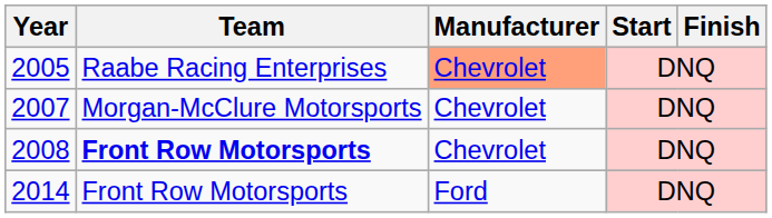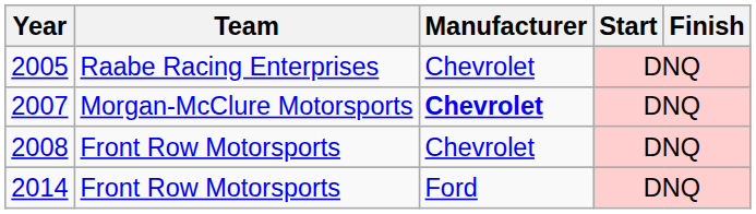 <table class="wikitable" style="font-size: 90%;">
 <tr>
 <th>Year</th>
 <th>Team</th>
 <th>Manufacturer</th>
 <th>Start</th>
 <th>Finish</th>
 </tr>
 <tr>
 <td><a href='#'>2005</a></td>
 <td><a href='#'>Raabe Racing Enterprises</a></td>
-<td style="background: lightsalmon;"><a href='#'>Chevrolet</a></td>
+<td><a href='#'>Chevrolet</a></td>
 <td align=center colspan=2 style="background:#FFCFCF;">DNQ</td>
 </tr>
 <tr>
 <td><a href='#'>2007</a></td>
 <td><a href='#'>Morgan-McClure Motorsports</a></td>
-<td><a href='#'>Chevrolet</a></td>
+<td><strong><a href='#'>Chevrolet</a></strong></td>
 <td align=center colspan=2 style="background:#FFCFCF;">DNQ</td>
 </tr>
 <tr>
 <td><a href='#'>2008</a></td>
-<td><strong><a href='#'>Front Row Motorsports</a></strong></td>
+<td><a href='#'>Front Row Motorsports</a></td>
 <td><a href='#'>Chevrolet</a></td>
 <td align=center colspan=2 style="background:#FFCFCF;">DNQ</td>
 </tr>
 <tr>
 <td><a href='#'>2014</a></td>
 <td><a href='#'>Front Row Motorsports</a></td>
 <td><a href='#'>Ford</a></td>
 <td align=center colspan=2 style="background:#FFCFCF;">DNQ</td>
 </tr>
 </table>
